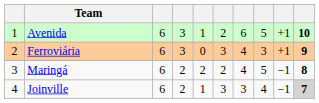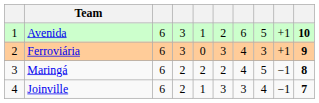 <table class="wikitable" style="text-align: center;">
 <tr>
 <th width=20></th>
 <th width=165>Team</th>
 <th width=20></th>
 <th width=20></th>
 <th width=20></th>
 <th width=20></th>
 <th width=20></th>
 <th width=20></th>
 <th width=20></th>
 <th width=20></th>
 </tr>
 <tr bgcolor=#ccffcc>
 <td>1</td>
 <td align=left> <a href='#'>Avenida</a></td>
 <td>6</td>
 <td>3</td>
 <td>1</td>
 <td>2</td>
 <td>6</td>
 <td>5</td>
 <td>+1</td>
 <td><strong>10</strong></td>
 </tr>
 <tr bgcolor=#ffcc99>
 <td>2</td>
 <td align=left> <a href='#'>Ferroviária</a></td>
 <td>6</td>
 <td>3</td>
 <td>0</td>
 <td>3</td>
 <td>4</td>
 <td>3</td>
 <td>+1</td>
 <td><strong>9</strong></td>
 </tr>
 <tr>
 <td>3</td>
 <td align=left> <a href='#'>Maringá</a></td>
 <td>6</td>
 <td>2</td>
 <td>2</td>
 <td>2</td>
 <td>4</td>
 <td>5</td>
 <td>−1</td>
 <td><strong>8</strong></td>
 </tr>
 <tr>
 <td>4</td>
 <td align=left> <a href='#'>Joinville</a></td>
 <td>6</td>
 <td>2</td>
 <td>1</td>
 <td>3</td>
 <td>3</td>
 <td>4</td>
 <td>−1</td>
-<td style="background: lightgrey;"><strong>7</strong></td>
+<td><strong>7</strong></td>
 </tr>
 </table>
